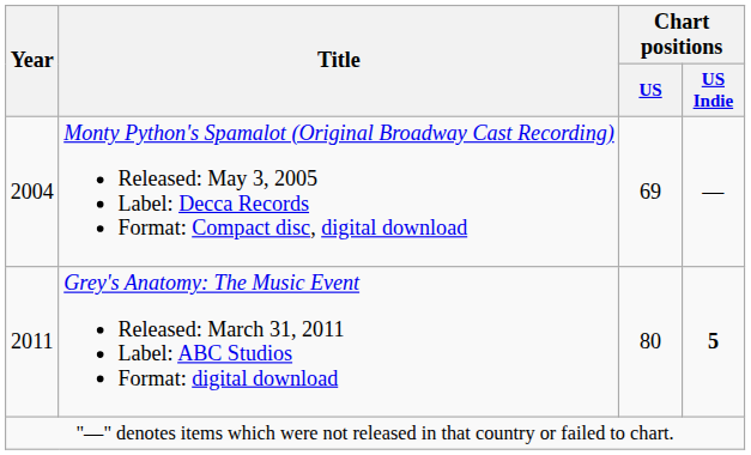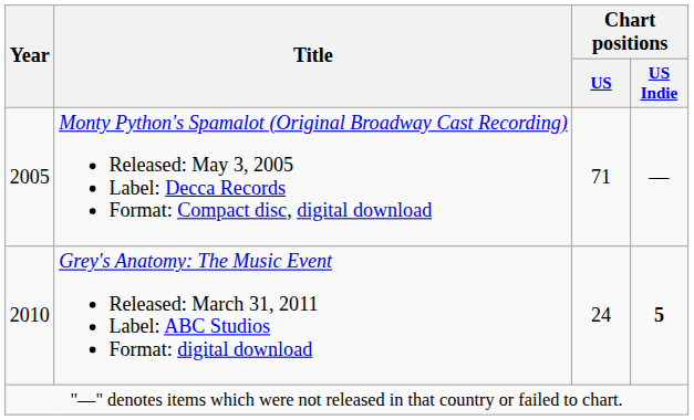 <table class="wikitable">
 <tr>
 <th rowspan="2">Year</th>
 <th rowspan="2">Title</th>
 <th colspan="3">Chart positions</th>
 </tr>
 <tr style="font-size:smaller;">
 <th width="40"><a href='#'>US</a></th>
 <th width="40"><a href='#'>US<br>Indie</a></th>
 </tr>
 <tr>
-<td align="center">2004</td>
+<td align="center">2005</td>
 <td><em><a href='#'>Monty Python's Spamalot (Original Broadway Cast Recording)</a></em><br><ul><li>Released: May 3, 2005</li><li>Label: <a href='#'>Decca Records</a></li><li>Format: <a href='#'>Compact disc</a>, <a href='#'>digital download</a></li></ul></td>
-<td align="center">69</td>
+<td align="center">71</td>
 <td align="center">—</td>
 </tr>
 <tr>
-<td align="center">2011</td>
+<td align="center">2010</td>
 <td><em><a href='#'>Grey's Anatomy: The Music Event</a></em><br><ul><li>Released: March 31, 2011</li><li>Label: <a href='#'>ABC Studios</a></li><li>Format: <a href='#'>digital download</a></li></ul></td>
-<td align="center">80</td>
+<td align="center">24</td>
 <td align="center"><strong>5</strong></td>
 </tr>
 <tr>
 <td colspan="4" align="center" style="font-size:90%;">"—" denotes items which were not released in that country or failed to chart.</td>
 </tr>
 </table>
